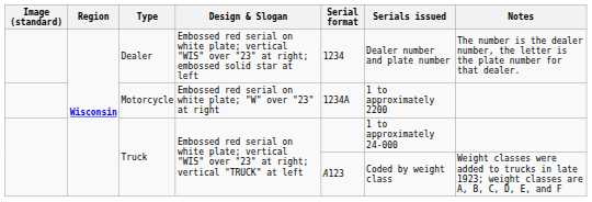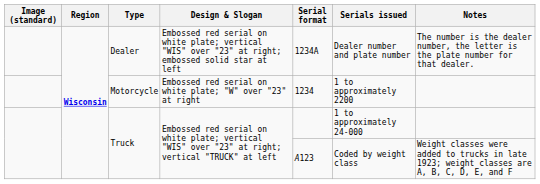 <table class="wikitable">
 <tr>
 <th>Image (standard)</th>
 <th>Region</th>
 <th>Type</th>
 <th>Design & Slogan</th>
 <th>Serial format</th>
 <th>Serials issued</th>
 <th>Notes</th>
 </tr>
 <tr>
 <td></td>
 <td rowspan="4"><a href='#'><strong>Wisconsin</strong></a></td>
 <td>Dealer</td>
 <td>Embossed red serial on white plate; vertical "WIS" over "23" at right; embossed solid star at left</td>
-<td>1234</td>
+<td>1234A</td>
 <td>Dealer number and plate number</td>
 <td>The number is the dealer number, the letter is the plate number for that dealer.</td>
 </tr>
 <tr>
 <td></td>
 <td>Motorcycle</td>
 <td>Embossed red serial on white plate; "W" over "23" at right</td>
-<td>1234A</td>
+<td>1234</td>
 <td>1 to approximately 2200</td>
 <td></td>
 </tr>
 <tr>
 <td rowspan="2"> </td>
 <td rowspan="2">Truck</td>
 <td rowspan="2">Embossed red serial on white plate; vertical "WIS" over "23" at right; vertical "TRUCK" at left</td>
 <td></td>
 <td>1 to approximately 24-000</td>
 <td></td>
 </tr>
 <tr>
 <td><em>A</em>123</td>
 <td>Coded by weight class</td>
 <td>Weight classes were added to trucks in late 1923; weight classes are A, B, C, D, E, and F</td>
 </tr>
 </table>
